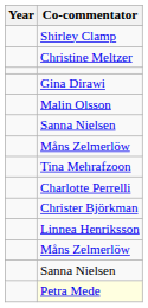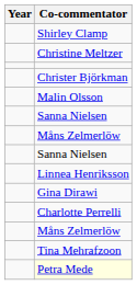 <table class="wikitable sortable">
 <tr>
 <th>Year</th>
 <th>Co-commentator</th>
 </tr>
 <tr>
 <td></td>
 <td><a href='#'>Shirley Clamp</a></td>
 </tr>
 <tr>
 <td></td>
 <td><a href='#'>Christine Meltzer</a></td>
 </tr>
 <tr>
 <td></td>
 <td></td>
 </tr>
 <tr>
 <td></td>
-<td><a href='#'>Gina Dirawi</a></td>
+<td><a href='#'>Christer Björkman</a></td>
 </tr>
 <tr>
 <td></td>
 <td><a href='#'>Malin Olsson</a></td>
 </tr>
 <tr>
 <td></td>
 <td><a href='#'>Sanna Nielsen</a></td>
 </tr>
 <tr>
 <td></td>
 <td><a href='#'>Måns Zelmerlöw</a></td>
 </tr>
 <tr>
 <td></td>
-<td><a href='#'>Tina Mehrafzoon</a></td>
+<td>Sanna Nielsen</td>
+</tr>
+<tr>
+<td></td>
+<td><a href='#'>Linnea Henriksson</a></td>
+</tr>
+<tr>
+<td></td>
+<td><a href='#'>Gina Dirawi</a></td>
 </tr>
 <tr>
 <td></td>
 <td><a href='#'>Charlotte Perrelli</a></td>
 </tr>
 <tr>
 <td></td>
-<td><a href='#'>Christer Björkman</a></td>
-</tr>
-<tr>
-<td></td>
-<td><a href='#'>Linnea Henriksson</a></td>
-</tr>
-<tr>
-<td></td>
 <td><a href='#'>Måns Zelmerlöw</a></td>
 </tr>
 <tr>
 <td></td>
-<td>Sanna Nielsen</td>
+<td><a href='#'>Tina Mehrafzoon</a></td>
 </tr>
 <tr>
 <td></td>
 <td style="background: lightyellow;"><a href='#'>Petra Mede</a></td>
 </tr>
 </table>
